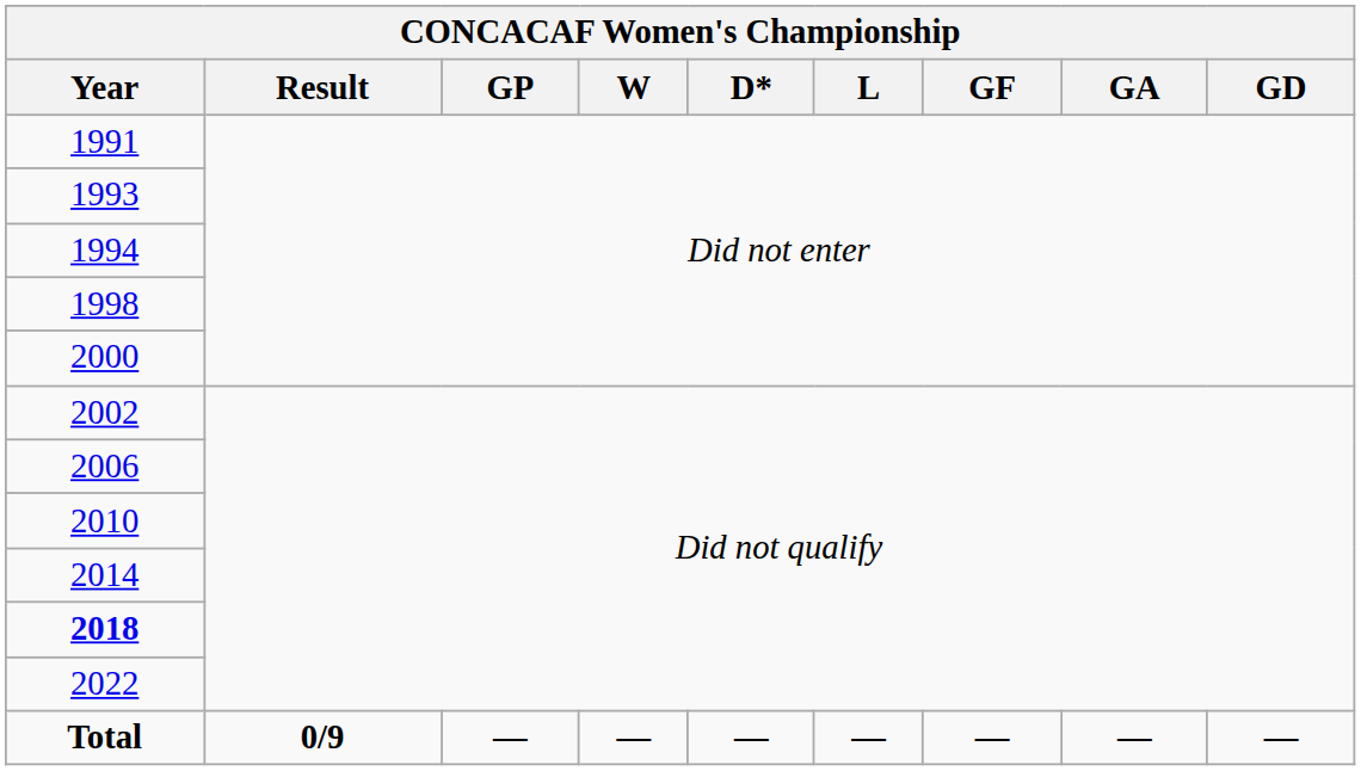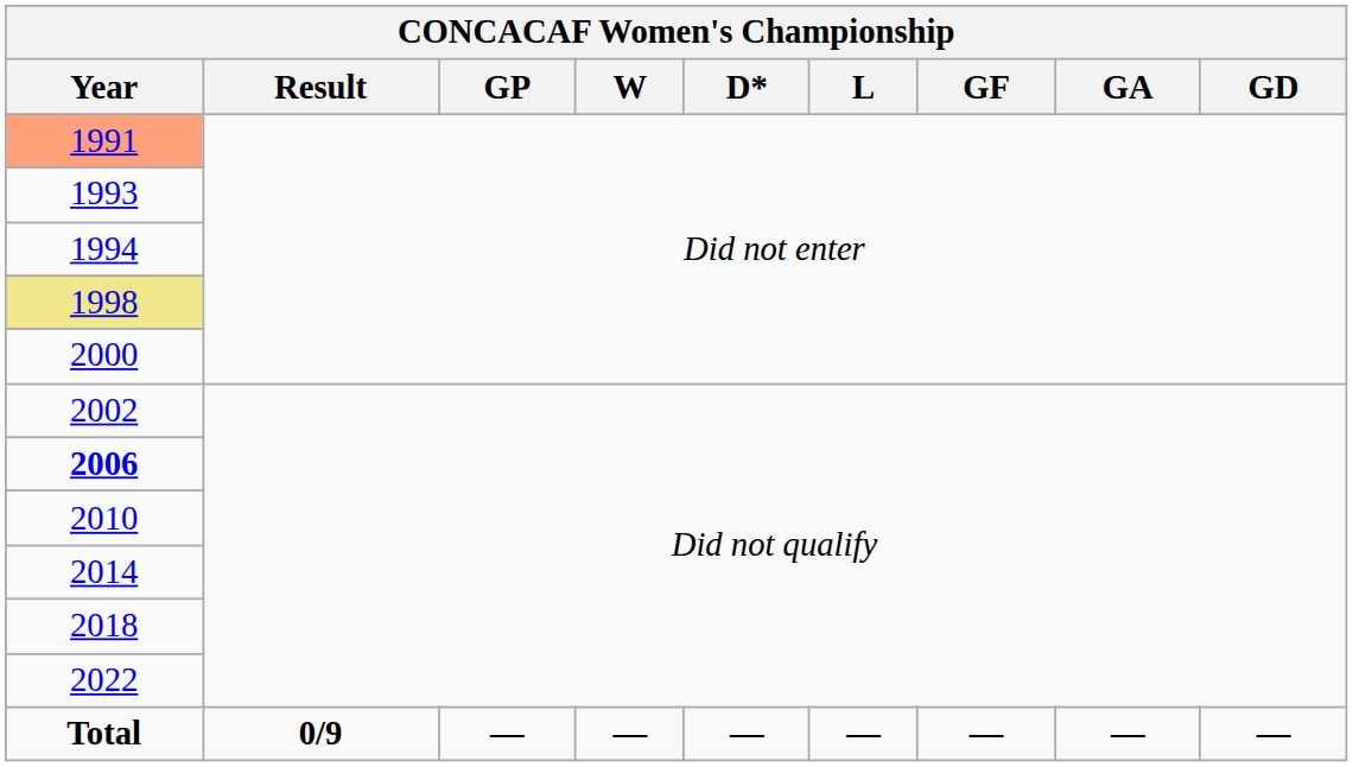 <table class="wikitable" style="text-align: center; width:50%;">
 <tr>
 <th colspan=10>CONCACAF Women's Championship</th>
 </tr>
 <tr>
 <th>Year</th>
 <th>Result</th>
 <th>GP</th>
 <th>W</th>
 <th>D*</th>
 <th>L</th>
 <th>GF</th>
 <th>GA</th>
 <th>GD</th>
 </tr>
 <tr>
-<td> <a href='#'>1991</a></td>
+<td style="background: lightsalmon;"> <a href='#'>1991</a></td>
 <td colspan=8 rowspan=5><em>Did not enter</em></td>
 </tr>
 <tr>
 <td> <a href='#'>1993</a></td>
 </tr>
 <tr>
 <td> <a href='#'>1994</a></td>
 </tr>
 <tr>
-<td> <a href='#'>1998</a></td>
+<td style="background: khaki;"> <a href='#'>1998</a></td>
 </tr>
 <tr>
 <td> <a href='#'>2000</a></td>
 </tr>
 <tr>
 <td> <a href='#'>2002</a></td>
 <td colspan=8 rowspan=6><em>Did not qualify</em></td>
 </tr>
 <tr>
-<td> <a href='#'>2006</a></td>
+<td><strong> <a href='#'>2006</a></strong></td>
 </tr>
 <tr>
 <td> <a href='#'>2010</a></td>
 </tr>
 <tr>
 <td> <a href='#'>2014</a></td>
 </tr>
 <tr>
-<td><strong> <a href='#'>2018</a></strong></td>
+<td> <a href='#'>2018</a></td>
 </tr>
 <tr>
 <td> <a href='#'>2022</a></td>
 </tr>
 <tr>
 <td><strong>Total</strong></td>
 <td><strong>0/9</strong></td>
 <td><strong>—</strong></td>
 <td><strong>—</strong></td>
 <td><strong>—</strong></td>
 <td><strong>—</strong></td>
 <td><strong>—</strong></td>
 <td><strong>—</strong></td>
 <td><strong>—</strong></td>
 </tr>
 </table>
